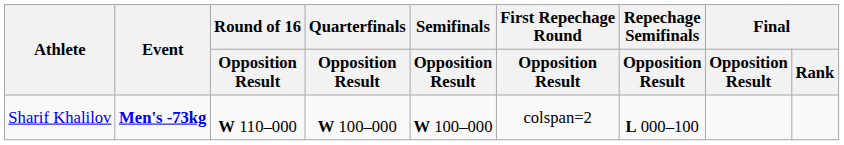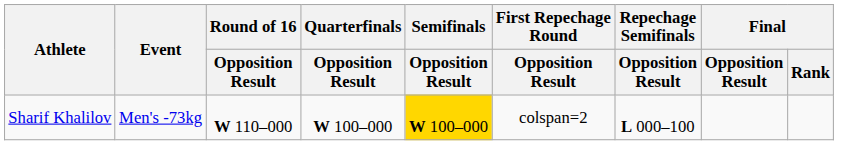 <table class="wikitable">
 <tr>
 <th rowspan="2">Athlete</th>
 <th rowspan="2">Event</th>
 <th>Round of 16</th>
 <th>Quarterfinals</th>
 <th>Semifinals</th>
 <th>First Repechage <br>Round</th>
 <th>Repechage <br>Semifinals</th>
 <th colspan="2">Final</th>
 </tr>
 <tr>
 <th>Opposition<br>Result</th>
 <th>Opposition<br>Result</th>
 <th>Opposition<br>Result</th>
 <th>Opposition<br>Result</th>
 <th>Opposition<br>Result</th>
 <th>Opposition<br>Result</th>
 <th>Rank</th>
 </tr>
 <tr align=center>
 <td align=left><a href='#'>Sharif Khalilov</a></td>
-<td align=left><strong><a href='#'>Men's -73kg</a></strong></td>
+<td align=left><a href='#'>Men's -73kg</a></td>
 <td><br><strong>W</strong> 110–000</td>
 <td><br><strong>W</strong> 100–000</td>
-<td><br><strong>W</strong> 100–000</td>
+<td style="background: gold;"><br><strong>W</strong> 100–000</td>
 <td>colspan=2 </td>
 <td><br><strong>L</strong> 000–100</td>
 <td></td>
 </tr>
 </table>
